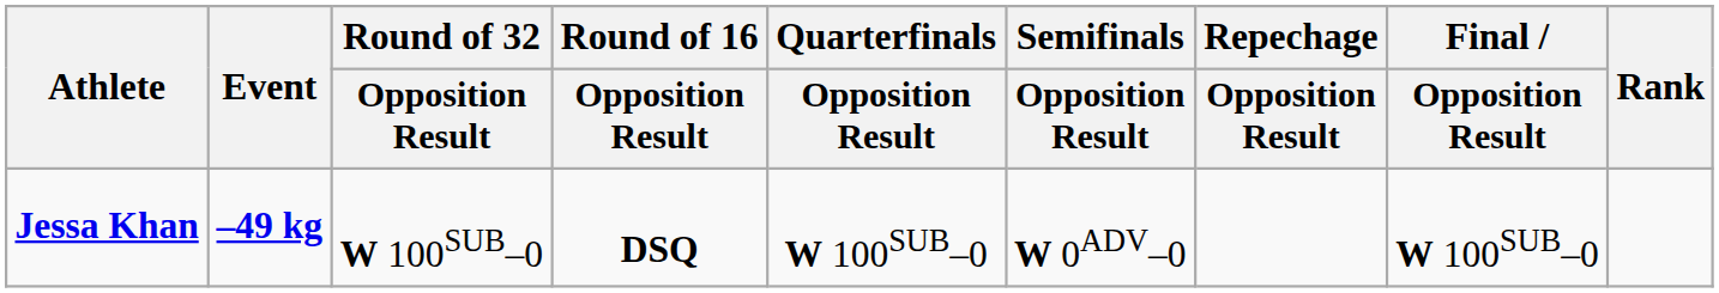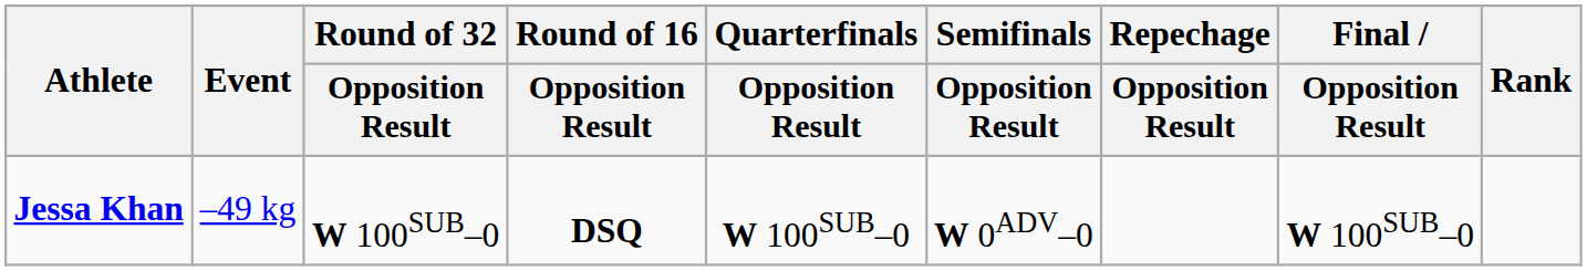 <table class=wikitable style=font-size:90%;text-align:center>
 <tr>
 <th rowspan="2">Athlete</th>
 <th rowspan="2">Event</th>
 <th>Round of 32</th>
 <th>Round of 16</th>
 <th>Quarterfinals</th>
 <th>Semifinals</th>
 <th>Repechage</th>
 <th>Final / </th>
 <th rowspan=2>Rank</th>
 </tr>
 <tr style="font-size:95%">
 <th>Opposition<br>Result</th>
 <th>Opposition<br>Result</th>
 <th>Opposition<br>Result</th>
 <th>Opposition<br>Result</th>
 <th>Opposition<br>Result</th>
 <th>Opposition<br>Result</th>
 </tr>
 <tr>
 <td align=left><strong><a href='#'>Jessa Khan</a></strong></td>
-<td align=left><strong><a href='#'>–49 kg</a></strong></td>
+<td align=left><a href='#'>–49 kg</a></td>
 <td><br><strong>W</strong> 100<sup>SUB</sup>–0</td>
 <td><br><strong>DSQ</strong></td>
 <td><br><strong>W</strong> 100<sup>SUB</sup>–0</td>
 <td><br><strong>W</strong> 0<sup>ADV</sup>–0</td>
 <td></td>
 <td><br><strong>W</strong> 100<sup>SUB</sup>–0</td>
 <td></td>
 </tr>
 </table>
